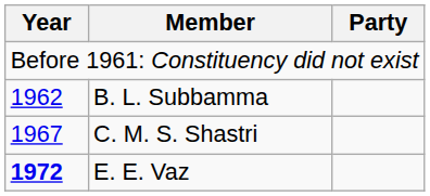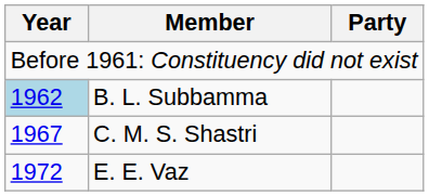 <table class="wikitable sortable">
 <tr>
 <th>Year</th>
 <th>Member</th>
 <th colspan="2">Party</th>
 </tr>
 <tr>
 <td colspan=4>Before 1961: <em>Constituency did not exist</em></td>
 </tr>
 <tr>
-<td><a href='#'>1962</a></td>
+<td style="background: lightblue;"><a href='#'>1962</a></td>
 <td>B. L. Subbamma</td>
 <td></td>
 </tr>
 <tr>
 <td><a href='#'>1967</a></td>
 <td>C. M. S. Shastri</td>
 <td></td>
 </tr>
 <tr>
-<td><strong><a href='#'>1972</a></strong></td>
+<td><a href='#'>1972</a></td>
 <td>E. E. Vaz</td>
 <td></td>
 </tr>
 </table>
